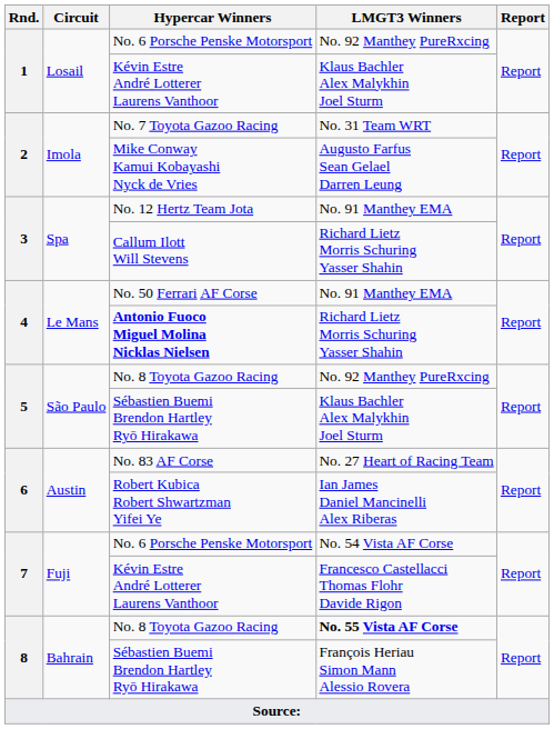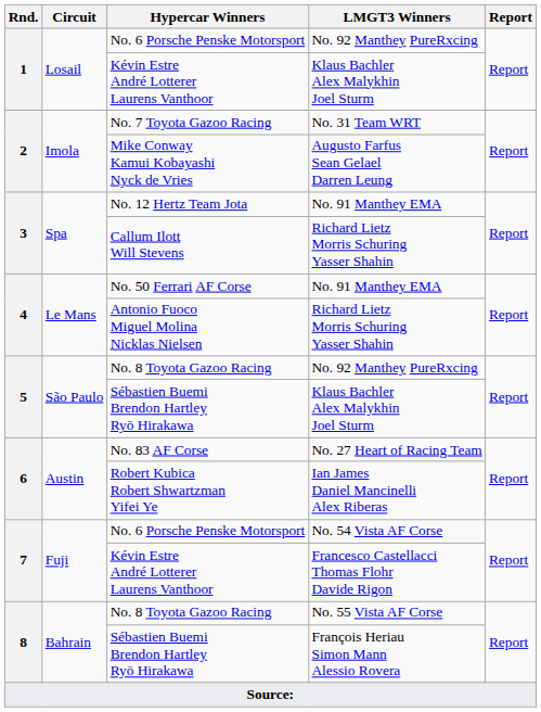 <table class="wikitable" style="font-size:85%;">
 <tr>
 <th>Rnd.</th>
 <th>Circuit</th>
 <th>Hypercar Winners</th>
 <th>LMGT3 Winners</th>
 <th>Report</th>
 </tr>
 <tr>
 <th rowspan="2">1</th>
 <td rowspan="2"> <a href='#'>Losail</a></td>
 <td nowrap> No. 6 <a href='#'>Porsche Penske Motorsport</a></td>
 <td nowrap> No. 92 <a href='#'>Manthey</a> <a href='#'>PureRxcing</a></td>
 <td rowspan="2"><a href='#'>Report</a></td>
 </tr>
 <tr>
 <td> <a href='#'>Kévin Estre</a><br> <a href='#'>André Lotterer</a><br> <a href='#'>Laurens Vanthoor</a></td>
 <td> <a href='#'>Klaus Bachler</a><br> <a href='#'>Alex Malykhin</a><br> <a href='#'>Joel Sturm</a></td>
 </tr>
 <tr>
 <th rowspan="2">2</th>
 <td rowspan="2"> <a href='#'>Imola</a></td>
 <td nowrap> No. 7 <a href='#'>Toyota Gazoo Racing</a></td>
 <td nowrap> No. 31 <a href='#'>Team WRT</a></td>
 <td rowspan="2"><a href='#'>Report</a></td>
 </tr>
 <tr>
 <td> <a href='#'>Mike Conway</a><br> <a href='#'>Kamui Kobayashi</a><br> <a href='#'>Nyck de Vries</a></td>
 <td> <a href='#'>Augusto Farfus</a><br> <a href='#'>Sean Gelael</a><br> <a href='#'>Darren Leung</a></td>
 </tr>
 <tr>
 <th rowspan="2">3</th>
 <td rowspan="2"> <a href='#'>Spa</a></td>
 <td nowrap> No. 12 <a href='#'>Hertz Team Jota</a></td>
 <td nowrap> No. 91 <a href='#'>Manthey EMA</a></td>
 <td rowspan="2"><a href='#'>Report</a></td>
 </tr>
 <tr>
 <td> <a href='#'>Callum Ilott</a><br> <a href='#'>Will Stevens</a></td>
 <td> <a href='#'>Richard Lietz</a><br> <a href='#'>Morris Schuring</a><br> <a href='#'>Yasser Shahin</a></td>
 </tr>
 <tr>
 <th rowspan="2">4</th>
 <td rowspan="2"> <a href='#'>Le Mans</a></td>
 <td nowrap> No. 50 <a href='#'>Ferrari</a> <a href='#'>AF Corse</a></td>
 <td nowrap> No. 91 <a href='#'>Manthey EMA</a></td>
 <td rowspan="2"><a href='#'>Report</a></td>
 </tr>
 <tr>
-<td><strong> <a href='#'>Antonio Fuoco</a><br> <a href='#'>Miguel Molina</a><br> <a href='#'>Nicklas Nielsen</a></strong></td>
+<td> <a href='#'>Antonio Fuoco</a><br> <a href='#'>Miguel Molina</a><br> <a href='#'>Nicklas Nielsen</a></td>
 <td> <a href='#'>Richard Lietz</a><br> <a href='#'>Morris Schuring</a><br> <a href='#'>Yasser Shahin</a></td>
 </tr>
 <tr>
 <th rowspan="2">5</th>
 <td rowspan="2"> <a href='#'>São Paulo</a></td>
 <td nowrap> No. 8 <a href='#'>Toyota Gazoo Racing</a></td>
 <td nowrap> No. 92 <a href='#'>Manthey</a> <a href='#'>PureRxcing</a></td>
 <td rowspan="2"><a href='#'>Report</a></td>
 </tr>
 <tr>
 <td> <a href='#'>Sébastien Buemi</a><br> <a href='#'>Brendon Hartley</a><br> <a href='#'>Ryō Hirakawa</a></td>
 <td> <a href='#'>Klaus Bachler</a><br> <a href='#'>Alex Malykhin</a><br> <a href='#'>Joel Sturm</a></td>
 </tr>
 <tr>
 <th rowspan="2">6</th>
 <td rowspan="2"> <a href='#'>Austin</a></td>
 <td nowrap> No. 83 <a href='#'>AF Corse</a></td>
 <td nowrap> No. 27 <a href='#'>Heart of Racing Team</a></td>
 <td rowspan="2"><a href='#'>Report</a></td>
 </tr>
 <tr>
 <td> <a href='#'>Robert Kubica</a><br> <a href='#'>Robert Shwartzman</a><br> <a href='#'>Yifei Ye</a></td>
 <td> <a href='#'>Ian James</a><br> <a href='#'>Daniel Mancinelli</a><br> <a href='#'>Alex Riberas</a></td>
 </tr>
 <tr>
 <th rowspan="2">7</th>
 <td rowspan="2"> <a href='#'>Fuji</a></td>
 <td nowrap> No. 6 <a href='#'>Porsche Penske Motorsport</a></td>
 <td nowrap> No. 54 <a href='#'>Vista AF Corse</a></td>
 <td rowspan="2"><a href='#'>Report</a></td>
 </tr>
 <tr>
 <td> <a href='#'>Kévin Estre</a><br> <a href='#'>André Lotterer</a><br> <a href='#'>Laurens Vanthoor</a></td>
 <td> <a href='#'>Francesco Castellacci</a><br> <a href='#'>Thomas Flohr</a><br> <a href='#'>Davide Rigon</a></td>
 </tr>
 <tr>
 <th rowspan="2">8</th>
 <td rowspan="2"> <a href='#'>Bahrain</a></td>
 <td nowrap> No. 8 <a href='#'>Toyota Gazoo Racing</a></td>
-<td nowrap><strong> No. 55 <a href='#'>Vista AF Corse</a></strong></td>
+<td nowrap> No. 55 <a href='#'>Vista AF Corse</a></td>
 <td rowspan="2"><a href='#'>Report</a></td>
 </tr>
 <tr>
 <td> <a href='#'>Sébastien Buemi</a><br> <a href='#'>Brendon Hartley</a><br> <a href='#'>Ryō Hirakawa</a></td>
 <td> François Heriau<br> <a href='#'>Simon Mann</a><br> <a href='#'>Alessio Rovera</a></td>
 </tr>
 <tr class="sortbottom">
 <td colspan="5" style="background-color:#EAECF0;text-align:center"><strong>Source:</strong></td>
 </tr>
 </table>
